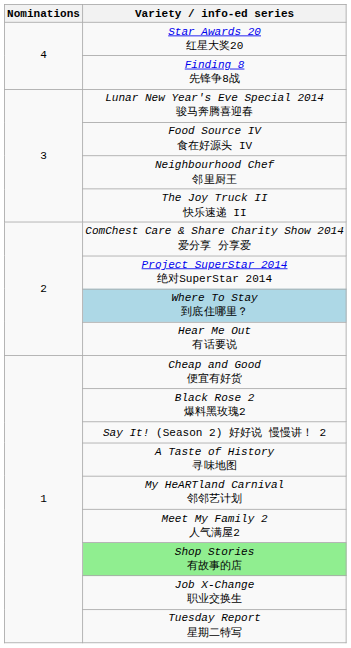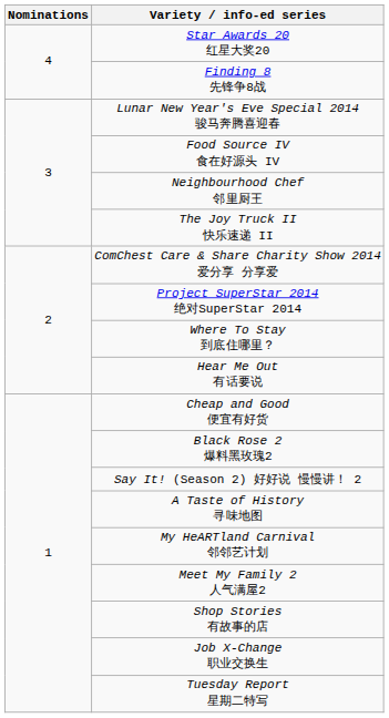 <table class="wikitable" style="text-align:center;">
 <tr>
 <th scope="col" width="55">Nominations</th>
 <th scope="col" align="center">Variety / info-ed series</th>
 </tr>
 <tr>
 <td rowspan="2" style="text-align:center;">4</td>
 <td><em><a href='#'>Star Awards 20</a></em><br>红星大奖20</td>
 </tr>
 <tr>
 <td><em><a href='#'>Finding 8</a></em><br>先锋争8战</td>
 </tr>
 <tr>
 <td rowspan="4" style="text-align:center;">3</td>
 <td><em>Lunar New Year's Eve Special 2014</em><br>骏马奔腾喜迎春</td>
 </tr>
 <tr>
 <td><em>Food Source IV</em><br>食在好源头 IV</td>
 </tr>
 <tr>
 <td><em>Neighbourhood Chef</em><br> 邻里厨王</td>
 </tr>
 <tr>
 <td><em>The Joy Truck II</em><br>快乐速递 II</td>
 </tr>
 <tr>
 <td rowspan="4" style="text-align:center;">2</td>
 <td><em>ComChest Care & Share Charity Show 2014</em><br>爱分享 分享爱</td>
 </tr>
 <tr>
 <td><em><a href='#'>Project SuperStar 2014</a></em><br>绝对SuperStar 2014</td>
 </tr>
 <tr>
-<td style="background: lightblue;"><em>Where To Stay</em><br>到底住哪里？</td>
+<td><em>Where To Stay</em><br>到底住哪里？</td>
 </tr>
 <tr>
 <td><em>Hear Me Out</em><br>有话要说</td>
 </tr>
 <tr>
 <td rowspan="9" style="text-align:center;">1</td>
 <td><em>Cheap and Good</em><br>便宜有好货</td>
 </tr>
 <tr>
 <td><em>Black Rose 2</em><br>爆料黑玫瑰2</td>
 </tr>
 <tr>
 <td><em>Say It!</em> (Season 2) 好好说 慢慢讲！ 2</td>
 </tr>
 <tr>
 <td><em>A Taste of History</em><br>寻味地图</td>
 </tr>
 <tr>
 <td><em>My HeARTland Carnival</em><br>邻邻艺计划</td>
 </tr>
 <tr>
 <td><em>Meet My Family 2</em><br>人气满屋2</td>
 </tr>
 <tr>
-<td style="background: lightgreen;"><em>Shop Stories</em><br>有故事的店</td>
+<td><em>Shop Stories</em><br>有故事的店</td>
 </tr>
 <tr>
 <td><em>Job X-Change</em><br>职业交换生</td>
 </tr>
 <tr>
 <td><em>Tuesday Report</em><br>星期二特写</td>
 </tr>
 </table>
